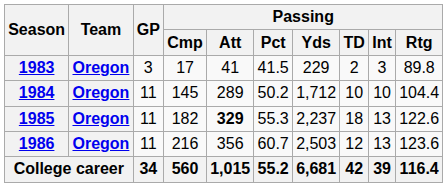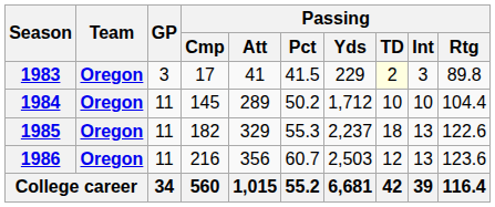 <table class="wikitable" style="text-align:center;">
 <tr>
 <th rowspan="2">Season</th>
 <th rowspan="2">Team</th>
 <th rowspan="2">GP</th>
 <th colspan="7">Passing</th>
 </tr>
 <tr>
 <th>Cmp</th>
 <th>Att</th>
 <th>Pct</th>
 <th>Yds</th>
 <th>TD</th>
 <th>Int</th>
 <th>Rtg</th>
 </tr>
 <tr>
 <th><a href='#'>1983</a></th>
 <th><a href='#'>Oregon</a></th>
 <td>3</td>
 <td>17</td>
 <td>41</td>
 <td>41.5</td>
 <td>229</td>
-<td>2</td>
+<td style="background: lightyellow;">2</td>
 <td>3</td>
 <td>89.8</td>
 </tr>
 <tr>
 <th><a href='#'>1984</a></th>
 <th><a href='#'>Oregon</a></th>
 <td>11</td>
 <td>145</td>
 <td>289</td>
 <td>50.2</td>
 <td>1,712</td>
 <td>10</td>
 <td>10</td>
 <td>104.4</td>
 </tr>
 <tr>
 <th><a href='#'>1985</a></th>
 <th><a href='#'>Oregon</a></th>
 <td>11</td>
 <td>182</td>
-<td><strong>329</strong></td>
+<td>329</td>
 <td>55.3</td>
 <td>2,237</td>
 <td>18</td>
 <td>13</td>
 <td>122.6</td>
 </tr>
 <tr>
 <th><a href='#'>1986</a></th>
 <th><a href='#'>Oregon</a></th>
 <td>11</td>
 <td>216</td>
 <td>356</td>
 <td>60.7</td>
 <td>2,503</td>
 <td>12</td>
 <td>13</td>
 <td>123.6</td>
 </tr>
 <tr>
 <th colspan="2">College career</th>
 <th>34</th>
 <th>560</th>
 <th>1,015</th>
 <th>55.2</th>
 <th>6,681</th>
 <th>42</th>
 <th>39</th>
 <th>116.4</th>
 </tr>
 </table>
